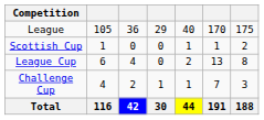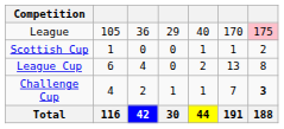 <table class="wikitable" style="text-align:center">
 <tr>
 <th width=100>Competition</th>
 <th width=35></th>
 <th width=30></th>
 <th width=30></th>
 <th width=30></th>
 <th width=30></th>
 <th width=30></th>
 </tr>
 <tr>
 <td>League</td>
 <td>105</td>
 <td>36</td>
 <td>29</td>
 <td>40</td>
 <td>170</td>
-<td>175</td>
+<td style="background: pink;">175</td>
 </tr>
 <tr>
 <td><a href='#'>Scottish Cup</a></td>
 <td>1</td>
 <td>0</td>
 <td>0</td>
 <td>1</td>
 <td>1</td>
 <td>2</td>
 </tr>
 <tr>
 <td><a href='#'>League Cup</a></td>
 <td>6</td>
 <td>4</td>
 <td>0</td>
 <td>2</td>
 <td>13</td>
 <td>8</td>
 </tr>
 <tr>
 <td><a href='#'>Challenge Cup</a></td>
 <td>4</td>
 <td>2</td>
 <td>1</td>
 <td>1</td>
 <td>7</td>
-<td>3</td>
+<td><strong>3</strong></td>
 </tr>
 <tr>
 <th>Total</th>
 <th>116</th>
 <th style="text-align:center; color:white; background:blue;">42</th>
 <th>30</th>
 <th style="text-align:center; color:black; background:yellow;">44</th>
 <th>191</th>
 <th>188</th>
 </tr>
 </table>
